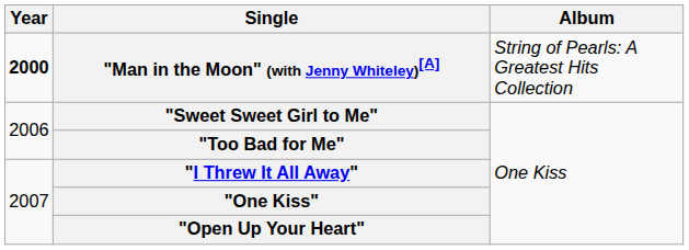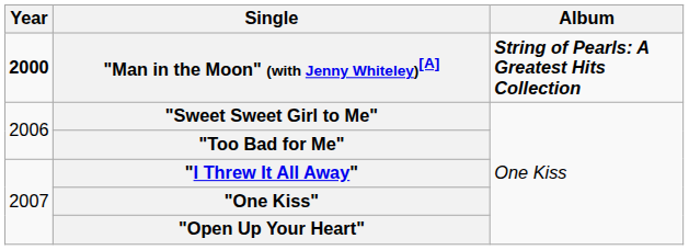 <table class="wikitable plainrowheaders">
 <tr>
 <th>Year</th>
 <th style="width:24em;">Single</th>
 <th>Album</th>
 </tr>
 <tr>
 <td><strong>2000</strong></td>
 <th scope="row">"Man in the Moon" <small>(with <a href='#'>Jenny Whiteley</a>)</small><sup><span></span><a href='#'><strong>[A]</strong></a></sup></th>
-<td><em>String of Pearls: A Greatest Hits Collection</em></td>
+<td><strong><em>String of Pearls: A Greatest Hits Collection</em></strong></td>
 </tr>
 <tr>
 <td rowspan="2">2006</td>
 <th scope="row">"Sweet Sweet Girl to Me"</th>
 <td rowspan="5"><em>One Kiss</em></td>
 </tr>
 <tr>
 <th scope="row">"Too Bad for Me"</th>
 </tr>
 <tr>
 <td rowspan="3">2007</td>
 <th scope="row">"<a href='#'>I Threw It All Away</a>"</th>
 </tr>
 <tr>
 <th scope="row">"One Kiss"</th>
 </tr>
 <tr>
 <th scope="row">"Open Up Your Heart"</th>
 </tr>
 </table>
